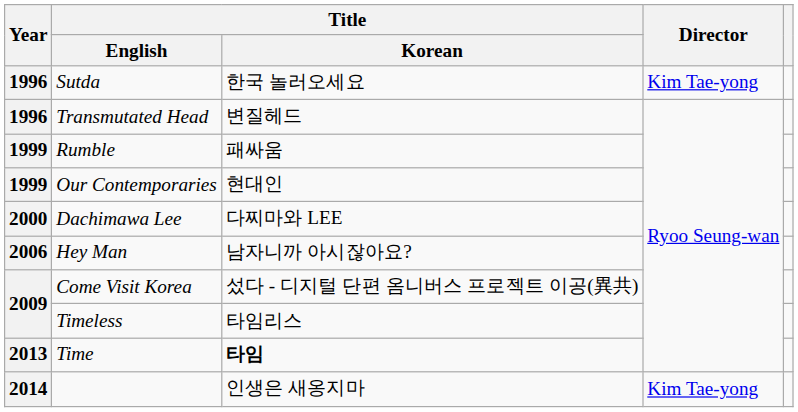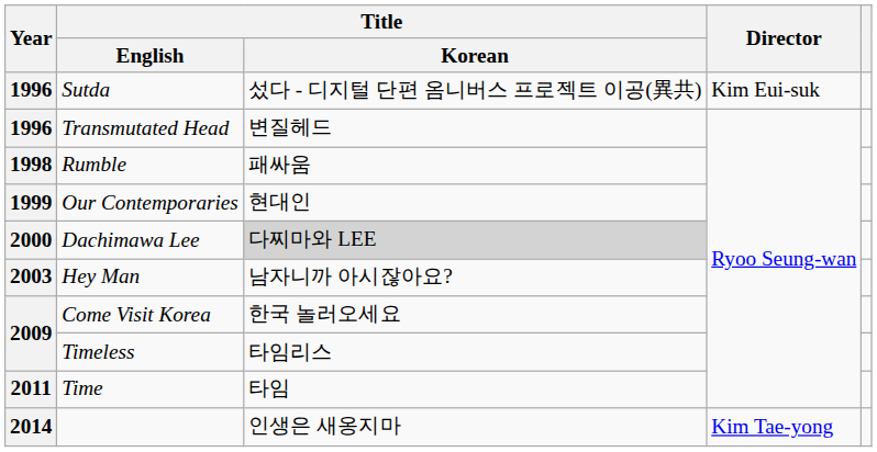 <table class="wikitable plainrowheaders sortable">
 <tr>
 <th rowspan="2">Year</th>
 <th colspan="2">Title</th>
 <th rowspan="2">Director</th>
 <th rowspan="2" class="unsortable"></th>
 </tr>
 <tr>
 <th>English</th>
 <th>Korean</th>
 </tr>
 <tr>
 <th scope="row">1996</th>
 <td><em>Sutda</em></td>
-<td>한국 놀러오세요<br></td>
-<td><a href='#'>Kim Tae-yong</a></td>
+<td>섰다 - 디지털 단편 옴니버스 프로젝트 이공(異共)</td>
+<td>Kim Eui-suk</td>
 <td></td>
 </tr>
 <tr>
 <th scope="row">1996</th>
 <td><em>Transmutated Head</em></td>
 <td>변질헤드</td>
 <td rowspan="8"><a href='#'>Ryoo Seung-wan</a></td>
 <td></td>
 </tr>
 <tr>
-<th scope="row">1999</th>
+<th scope="row">1998</th>
 <td><em>Rumble</em></td>
 <td>패싸움</td>
 <td></td>
 </tr>
 <tr>
 <th scope="row">1999</th>
 <td><em>Our Contemporaries</em></td>
 <td>현대인</td>
 <td></td>
 </tr>
 <tr>
 <th scope="row">2000</th>
 <td><em>Dachimawa Lee</em></td>
-<td>다찌마와 LEE</td>
+<td style="background: lightgrey;">다찌마와 LEE</td>
 <td></td>
 </tr>
 <tr>
-<th scope="row">2006</th>
+<th scope="row">2003</th>
 <td><em>Hey Man</em><br></td>
 <td>남자니까 아시잖아요?</td>
 <td></td>
 </tr>
 <tr>
 <th scope="row" rowspan="2">2009</th>
 <td><em>Come Visit Korea</em><br><em></em> <em></em></td>
-<td>섰다 - 디지털 단편 옴니버스 프로젝트 이공(異共)</td>
+<td>한국 놀러오세요<br></td>
 <td></td>
 </tr>
 <tr>
 <td><em>Timeless</em><br></td>
 <td>타임리스</td>
 <td></td>
 </tr>
 <tr>
-<th scope="row">2013</th>
+<th scope="row">2011</th>
 <td><em>Time</em><br></td>
-<td><strong>타임</strong></td>
+<td>타임</td>
 <td></td>
 </tr>
 <tr>
 <th scope="row">2014</th>
 <td><em></em></td>
 <td>인생은 새옹지마</td>
 <td><a href='#'>Kim Tae-yong</a></td>
 <td></td>
 </tr>
 </table>
